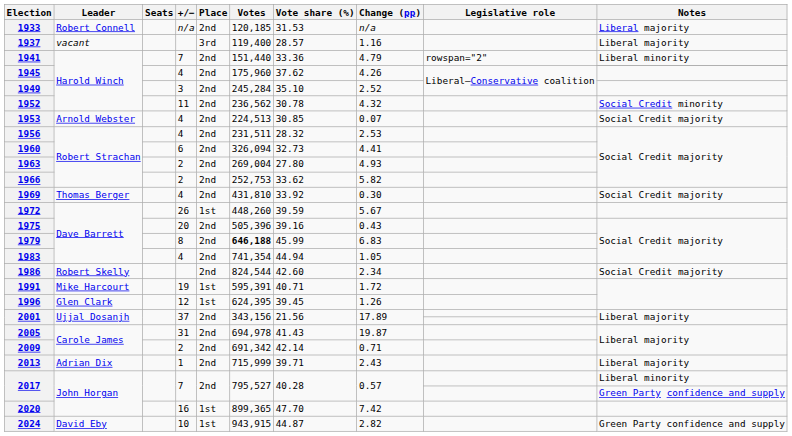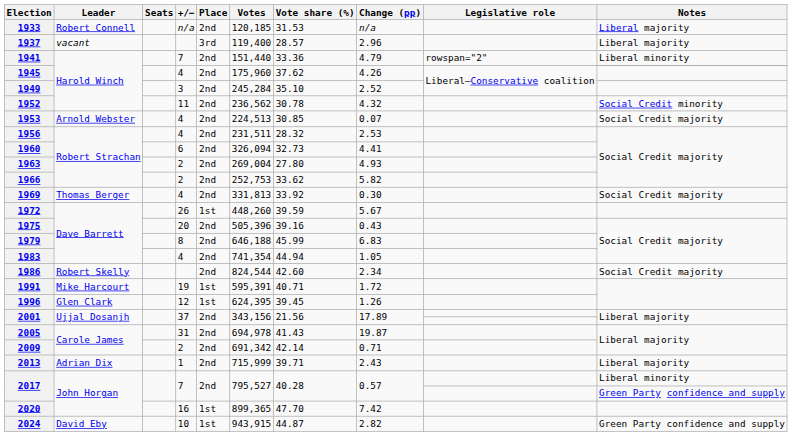 <table class="wikitable">
 <tr>
 <th>Election</th>
 <th>Leader</th>
 <th>Seats</th>
 <th>+/−</th>
 <th>Place</th>
 <th>Votes</th>
 <th>Vote share (%)</th>
 <th>Change (<a href='#'>pp</a>)</th>
 <th>Legislative role</th>
 <th>Notes</th>
 </tr>
 <tr>
 <th><a href='#'>1933</a></th>
 <td><a href='#'>Robert Connell</a></td>
 <td></td>
 <td><em>n/a</em></td>
 <td>2nd</td>
 <td>120,185</td>
 <td>31.53</td>
 <td><em>n/a</em></td>
 <td></td>
 <td><a href='#'>Liberal</a> majority</td>
 </tr>
 <tr>
 <th><a href='#'>1937</a></th>
 <td><em>vacant</em></td>
 <td></td>
 <td></td>
 <td> 3rd</td>
 <td>119,400</td>
 <td>28.57</td>
-<td> 1.16</td>
+<td> 2.96</td>
 <td></td>
 <td>Liberal majority</td>
 </tr>
 <tr>
 <th rowspan="2"><a href='#'>1941</a></th>
 <td rowspan="5"><a href='#'>Harold Winch</a></td>
 <td rowspan="2"></td>
 <td rowspan="2"> 7</td>
 <td rowspan="2"> 2nd</td>
 <td rowspan="2">151,440</td>
 <td rowspan="2">33.36</td>
 <td rowspan="2"> 4.79</td>
 <td>rowspan="2" </td>
 <td>Liberal minority</td>
 </tr>
 <tr>
 <td rowspan="3">Liberal–<a href='#'>Conservative</a> coalition</td>
 </tr>
 <tr>
 <th><a href='#'>1945</a></th>
 <td></td>
 <td> 4</td>
 <td> 2nd</td>
 <td>175,960</td>
 <td>37.62</td>
 <td> 4.26</td>
 <td></td>
 </tr>
 <tr>
 <th><a href='#'>1949</a></th>
 <td></td>
 <td> 3</td>
 <td> 2nd</td>
 <td>245,284</td>
 <td>35.10</td>
 <td> 2.52</td>
 <td></td>
 </tr>
 <tr>
 <th><a href='#'>1952</a></th>
 <td></td>
 <td> 11</td>
 <td> 2nd</td>
 <td>236,562</td>
 <td>30.78</td>
 <td> 4.32</td>
 <td></td>
 <td><a href='#'>Social Credit</a> minority</td>
 </tr>
 <tr>
 <th><a href='#'>1953</a></th>
 <td><a href='#'>Arnold Webster</a></td>
 <td></td>
 <td> 4</td>
 <td> 2nd</td>
 <td>224,513</td>
 <td>30.85</td>
 <td> 0.07</td>
 <td></td>
 <td>Social Credit majority</td>
 </tr>
 <tr>
 <th><a href='#'>1956</a></th>
 <td rowspan="4"><a href='#'>Robert Strachan</a></td>
 <td></td>
 <td> 4</td>
 <td> 2nd</td>
 <td>231,511</td>
 <td>28.32</td>
 <td> 2.53</td>
 <td></td>
 <td rowspan="4">Social Credit majority</td>
 </tr>
 <tr>
 <th><a href='#'>1960</a></th>
 <td></td>
 <td> 6</td>
 <td> 2nd</td>
 <td>326,094</td>
 <td>32.73</td>
 <td> 4.41</td>
 <td></td>
 </tr>
 <tr>
 <th><a href='#'>1963</a></th>
 <td></td>
 <td> 2</td>
 <td> 2nd</td>
 <td>269,004</td>
 <td>27.80</td>
 <td> 4.93</td>
 <td></td>
 </tr>
 <tr>
 <th><a href='#'>1966</a></th>
 <td></td>
 <td> 2</td>
 <td> 2nd</td>
 <td>252,753</td>
 <td>33.62</td>
 <td> 5.82</td>
 <td></td>
 </tr>
 <tr>
 <th><a href='#'>1969</a></th>
 <td><a href='#'>Thomas Berger</a></td>
 <td></td>
 <td> 4</td>
 <td> 2nd</td>
-<td>431,810</td>
+<td>331,813</td>
 <td>33.92</td>
 <td> 0.30</td>
 <td></td>
 <td>Social Credit majority</td>
 </tr>
 <tr>
 <th><a href='#'>1972</a></th>
 <td rowspan="4"><a href='#'>Dave Barrett</a></td>
 <td></td>
 <td> 26</td>
 <td> 1st</td>
 <td>448,260</td>
 <td>39.59</td>
 <td> 5.67</td>
 <td></td>
 <td></td>
 </tr>
 <tr>
 <th><a href='#'>1975</a></th>
 <td></td>
 <td> 20</td>
 <td> 2nd</td>
 <td>505,396</td>
 <td>39.16</td>
 <td> 0.43</td>
 <td></td>
 <td rowspan="3">Social Credit majority</td>
 </tr>
 <tr>
 <th><a href='#'>1979</a></th>
 <td></td>
 <td> 8</td>
 <td> 2nd</td>
-<td><strong>646,188</strong></td>
+<td>646,188</td>
 <td>45.99</td>
 <td> 6.83</td>
 <td></td>
 </tr>
 <tr>
 <th><a href='#'>1983</a></th>
 <td></td>
 <td> 4</td>
 <td> 2nd</td>
 <td>741,354</td>
 <td>44.94</td>
 <td> 1.05</td>
 <td></td>
 </tr>
 <tr>
 <th><a href='#'>1986</a></th>
 <td><a href='#'>Robert Skelly</a></td>
 <td></td>
 <td></td>
 <td> 2nd</td>
 <td>824,544</td>
 <td>42.60</td>
 <td> 2.34</td>
 <td></td>
 <td>Social Credit majority</td>
 </tr>
 <tr>
 <th><a href='#'>1991</a></th>
 <td><a href='#'>Mike Harcourt</a></td>
 <td></td>
 <td> 19</td>
 <td> 1st</td>
 <td>595,391</td>
 <td>40.71</td>
 <td> 1.72</td>
 <td></td>
 <td rowspan="2"></td>
 </tr>
 <tr>
 <th><a href='#'>1996</a></th>
 <td><a href='#'>Glen Clark</a></td>
 <td></td>
 <td> 12</td>
 <td> 1st</td>
 <td>624,395</td>
 <td>39.45</td>
 <td> 1.26</td>
 <td></td>
 </tr>
 <tr>
 <th rowspan="2"><a href='#'>2001</a></th>
 <td rowspan="2"><a href='#'>Ujjal Dosanjh</a></td>
 <td rowspan="2"></td>
 <td rowspan="2"> 37</td>
 <td rowspan="2"> 2nd</td>
 <td rowspan="2">343,156</td>
 <td rowspan="2">21.56</td>
 <td rowspan="2"> 17.89</td>
 <td></td>
 <td rowspan="2">Liberal majority</td>
 </tr>
 <tr>
 <td></td>
 </tr>
 <tr>
 <th><a href='#'>2005</a></th>
 <td rowspan="2"><a href='#'>Carole James</a></td>
 <td></td>
 <td> 31</td>
 <td> 2nd</td>
 <td>694,978</td>
 <td>41.43</td>
 <td> 19.87</td>
 <td></td>
 <td rowspan="2">Liberal majority</td>
 </tr>
 <tr>
 <th><a href='#'>2009</a></th>
 <td></td>
 <td> 2</td>
 <td> 2nd</td>
 <td>691,342</td>
 <td>42.14</td>
 <td> 0.71</td>
 <td></td>
 </tr>
 <tr>
 <th><a href='#'>2013</a></th>
 <td><a href='#'>Adrian Dix</a></td>
 <td></td>
 <td> 1</td>
 <td> 2nd</td>
 <td>715,999</td>
 <td>39.71</td>
 <td> 2.43</td>
 <td></td>
 <td>Liberal majority</td>
 </tr>
 <tr>
 <th rowspan="2"><a href='#'>2017</a></th>
 <td rowspan="3"><a href='#'>John Horgan</a></td>
 <td rowspan="2"></td>
 <td rowspan="2"> 7</td>
 <td rowspan="2"> 2nd</td>
 <td rowspan="2">795,527</td>
 <td rowspan="2">40.28</td>
 <td rowspan="2"> 0.57</td>
 <td></td>
 <td>Liberal minority</td>
 </tr>
 <tr>
 <td></td>
 <td><a href='#'>Green Party</a> <a href='#'>confidence and supply</a></td>
 </tr>
 <tr>
 <th><a href='#'>2020</a></th>
 <td></td>
 <td> 16</td>
 <td> 1st</td>
 <td>899,365</td>
 <td>47.70</td>
 <td> 7.42</td>
 <td></td>
 <td></td>
 </tr>
 <tr>
 <th><a href='#'>2024</a></th>
 <td><a href='#'>David Eby</a></td>
 <td></td>
 <td> 10</td>
 <td> 1st</td>
 <td>943,915</td>
 <td>44.87</td>
 <td> 2.82</td>
 <td></td>
 <td>Green Party confidence and supply</td>
 </tr>
 </table>
